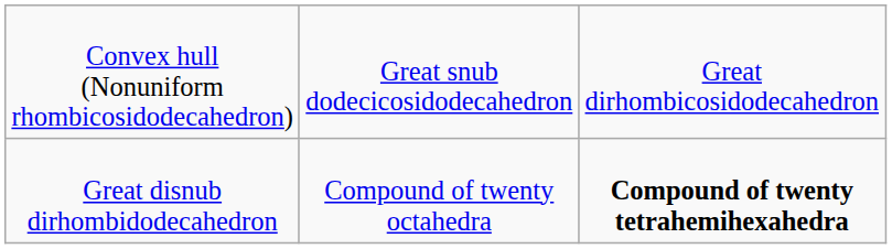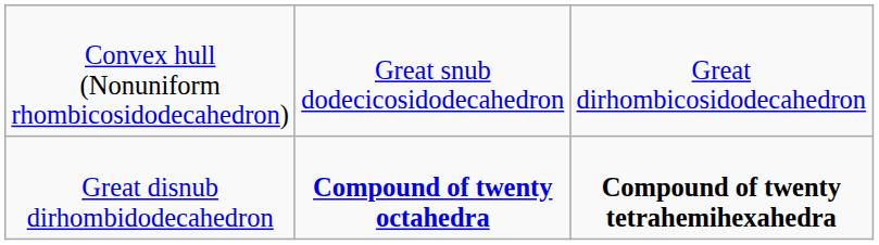 <table class="wikitable" width="400" style="vertical-align:top;text-align:center">
 <tr>
 <td><br><a href='#'>Convex hull</a><br>(Nonuniform <a href='#'>rhombicosidodecahedron</a>)</td>
 <td><br><a href='#'>Great snub dodecicosidodecahedron</a></td>
 <td><br><a href='#'>Great dirhombicosidodecahedron</a></td>
 </tr>
 <tr>
 <td><br><a href='#'>Great disnub dirhombidodecahedron</a></td>
-<td><br><a href='#'>Compound of twenty octahedra</a></td>
+<td><strong><br><a href='#'>Compound of twenty octahedra</a></strong></td>
 <td><br><strong>Compound of twenty tetrahemihexahedra</strong></td>
 </tr>
 </table>
